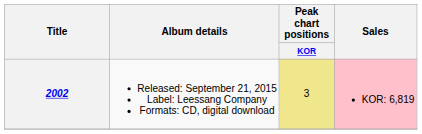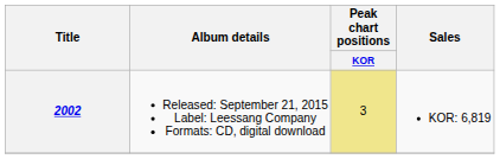 <table class="wikitable plainrowheaders" style="text-align:center;">
 <tr>
 <th scope="col" rowspan="2" style="width:10em;">Title</th>
 <th scope="col" rowspan="2">Album details</th>
 <th scope="col" colspan="1" style="width:5em;">Peak chart positions</th>
 <th scope="col" rowspan="2">Sales</th>
 </tr>
 <tr>
 <th><small><a href='#'>KOR</a></small><br></th>
 </tr>
 <tr>
 <th scope="row"><em><a href='#'>2002</a></em></th>
 <td><br><ul><li>Released: September 21, 2015</li><li>Label: Leessang Company</li><li>Formats: CD, digital download</li></ul></td>
 <td style="background: khaki;">3</td>
-<td style="background: pink;"><br><ul><li>KOR: 6,819</li></ul></td>
+<td><br><ul><li>KOR: 6,819</li></ul></td>
 </tr>
 <tr>
 </tr>
 </table>
